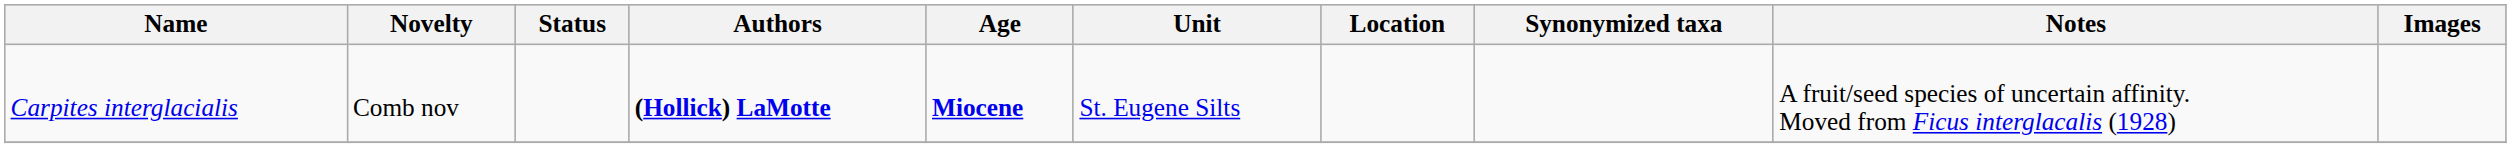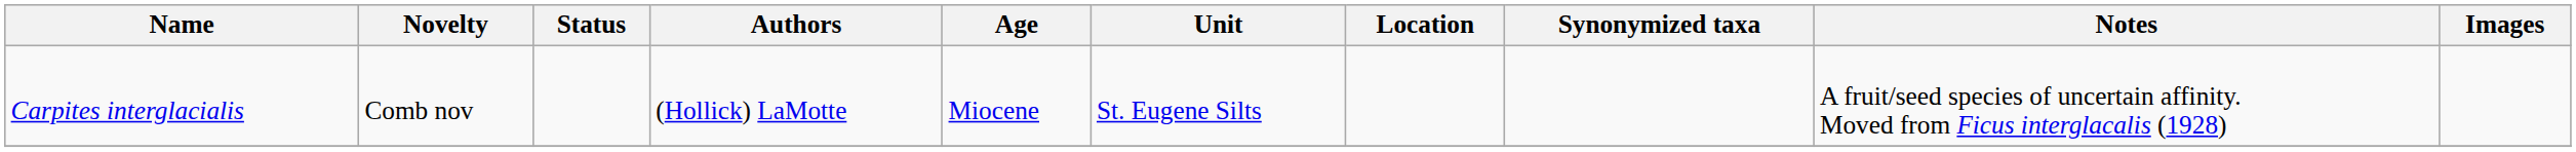 <table class="wikitable sortable" align="center" width="100%">
 <tr>
 <th>Name</th>
 <th>Novelty</th>
 <th>Status</th>
 <th>Authors</th>
 <th>Age</th>
 <th>Unit</th>
 <th>Location</th>
 <th>Synonymized taxa</th>
 <th>Notes</th>
 <th>Images</th>
 </tr>
 <tr>
 <td><br><em><a href='#'>Carpites interglacialis</a></em></td>
 <td><br>Comb nov</td>
 <td></td>
-<td><strong><br>(<a href='#'>Hollick</a>) <a href='#'>LaMotte</a></strong></td>
-<td><strong><br><a href='#'>Miocene</a></strong></td>
+<td><br>(<a href='#'>Hollick</a>) <a href='#'>LaMotte</a></td>
+<td><br><a href='#'>Miocene</a></td>
 <td><br><a href='#'>St. Eugene Silts</a></td>
 <td><br><br></td>
 <td><br></td>
 <td><br>A fruit/seed species of uncertain affinity.<br> Moved from <em><a href='#'>Ficus interglacalis</a></em> (<a href='#'>1928</a>)</td>
 <td></td>
 </tr>
 <tr>
 </tr>
 </table>
